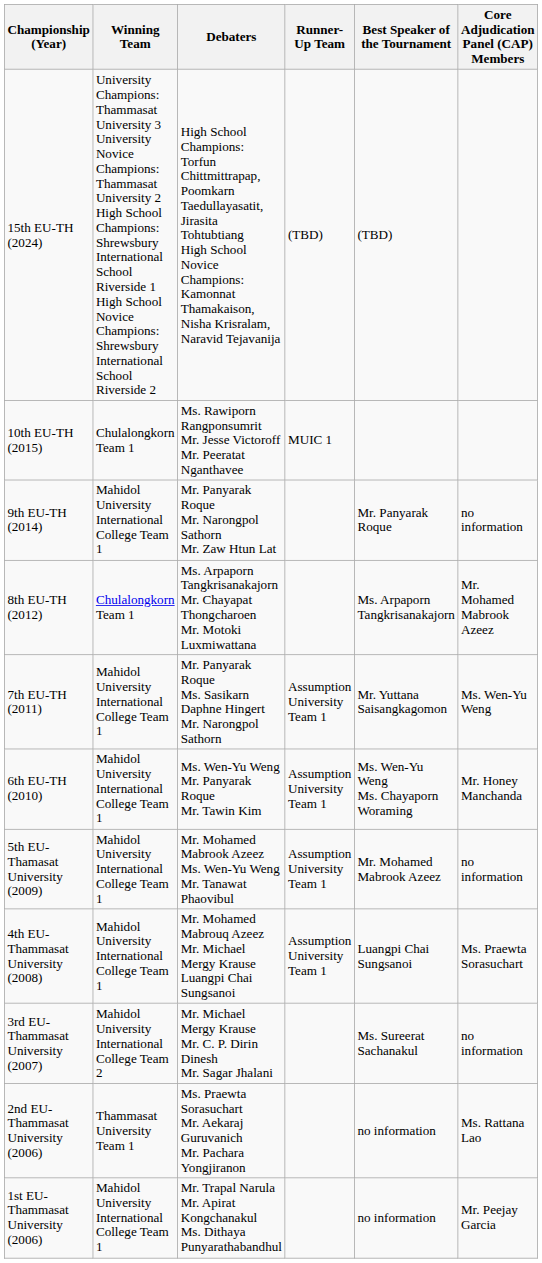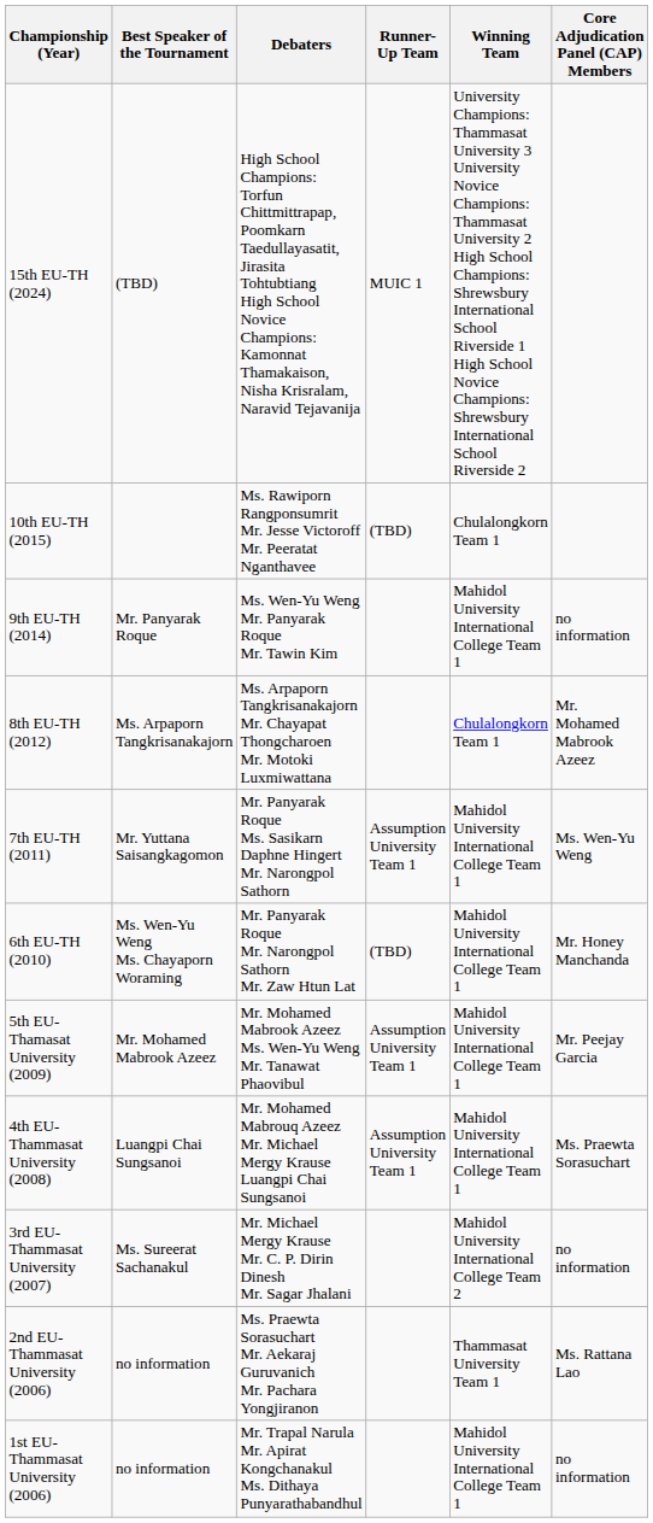 <table class="wikitable">
 <tr>
 <th>Championship (Year)</th>
-<th>Winning Team</th>
+<th>Best Speaker of the Tournament</th>
 <th>Debaters</th>
 <th>Runner-Up Team</th>
-<th>Best Speaker of the Tournament</th>
+<th>Winning Team</th>
 <th>Core Adjudication Panel (CAP) Members</th>
 </tr>
 <tr>
 <td>15th EU-TH (2024)</td>
+<td>(TBD)</td>
+<td>High School Champions: Torfun Chittmittrapap, Poomkarn Taedullayasatit, Jirasita Tohtubtiang<br>High School Novice Champions: Kamonnat Thamakaison, Nisha Krisralam, Naravid Tejavanija</td>
+<td>MUIC 1</td>
 <td>University Champions: Thammasat University 3<br>University Novice Champions: Thammasat University 2 High School Champions: Shrewsbury International School Riverside 1 High School Novice Champions: Shrewsbury International School Riverside 2</td>
-<td>High School Champions: Torfun Chittmittrapap, Poomkarn Taedullayasatit, Jirasita Tohtubtiang<br>High School Novice Champions: Kamonnat Thamakaison, Nisha Krisralam, Naravid Tejavanija</td>
-<td>(TBD)</td>
-<td>(TBD)</td>
 <td></td>
 </tr>
 <tr>
 <td>10th EU-TH (2015)</td>
+<td></td>
+<td>Ms. Rawiporn Rangponsumrit<br>Mr. Jesse Victoroff<br>Mr. Peeratat Nganthavee</td>
+<td>(TBD)</td>
 <td>Chulalongkorn Team 1</td>
-<td>Ms. Rawiporn Rangponsumrit<br>Mr. Jesse Victoroff<br>Mr. Peeratat Nganthavee</td>
-<td>MUIC 1</td>
-<td></td>
 <td></td>
 </tr>
 <tr>
 <td>9th EU-TH (2014)</td>
+<td>Mr. Panyarak Roque</td>
+<td>Ms. Wen-Yu Weng<br>Mr. Panyarak Roque<br>Mr. Tawin Kim</td>
+<td></td>
 <td>Mahidol University International College Team 1</td>
-<td>Mr. Panyarak Roque<br>Mr. Narongpol Sathorn<br>Mr. Zaw Htun Lat</td>
-<td></td>
-<td>Mr. Panyarak Roque</td>
 <td>no information</td>
 </tr>
 <tr>
 <td>8th EU-TH (2012)</td>
-<td><a href='#'>Chulalongkorn</a> Team 1</td>
+<td>Ms. Arpaporn Tangkrisanakajorn</td>
 <td>Ms. Arpaporn Tangkrisanakajorn<br>Mr. Chayapat Thongcharoen<br>Mr. Motoki Luxmiwattana</td>
 <td></td>
-<td>Ms. Arpaporn Tangkrisanakajorn</td>
+<td><a href='#'>Chulalongkorn</a> Team 1</td>
 <td>Mr. Mohamed Mabrook Azeez</td>
 </tr>
 <tr>
 <td>7th EU-TH (2011)</td>
-<td>Mahidol University International College Team 1</td>
+<td>Mr. Yuttana Saisangkagomon</td>
 <td>Mr. Panyarak Roque<br>Ms. Sasikarn Daphne Hingert<br>Mr. Narongpol Sathorn</td>
 <td>Assumption University Team 1</td>
-<td>Mr. Yuttana Saisangkagomon</td>
+<td>Mahidol University International College Team 1</td>
 <td>Ms. Wen-Yu Weng</td>
 </tr>
 <tr>
 <td>6th EU-TH (2010)</td>
+<td>Ms. Wen-Yu Weng<br>Ms. Chayaporn Woraming</td>
+<td>Mr. Panyarak Roque<br>Mr. Narongpol Sathorn<br>Mr. Zaw Htun Lat</td>
+<td>(TBD)</td>
 <td>Mahidol University International College Team 1</td>
-<td>Ms. Wen-Yu Weng<br>Mr. Panyarak Roque<br>Mr. Tawin Kim</td>
-<td>Assumption University Team 1</td>
-<td>Ms. Wen-Yu Weng<br>Ms. Chayaporn Woraming</td>
 <td>Mr. Honey Manchanda</td>
 </tr>
 <tr>
 <td>5th EU-Thamasat University (2009)</td>
-<td>Mahidol University International College Team 1</td>
+<td>Mr. Mohamed Mabrook Azeez</td>
 <td>Mr. Mohamed Mabrook Azeez<br>Ms. Wen-Yu Weng<br>Mr. Tanawat Phaovibul</td>
 <td>Assumption University Team 1</td>
-<td>Mr. Mohamed Mabrook Azeez</td>
-<td>no information</td>
+<td>Mahidol University International College Team 1</td>
+<td>Mr. Peejay Garcia</td>
 </tr>
 <tr>
 <td>4th EU-Thammasat University (2008)</td>
-<td>Mahidol University International College Team 1</td>
+<td>Luangpi Chai Sungsanoi</td>
 <td>Mr. Mohamed Mabrouq Azeez<br>Mr. Michael Mergy Krause<br>Luangpi Chai Sungsanoi</td>
 <td>Assumption University Team 1</td>
-<td>Luangpi Chai Sungsanoi</td>
+<td>Mahidol University International College Team 1</td>
 <td>Ms. Praewta Sorasuchart</td>
 </tr>
 <tr>
 <td>3rd EU-Thammasat University (2007)</td>
-<td>Mahidol University International College Team 2</td>
+<td>Ms. Sureerat Sachanakul</td>
 <td>Mr. Michael Mergy Krause<br>Mr. C. P. Dirin Dinesh<br>Mr. Sagar Jhalani</td>
 <td></td>
-<td>Ms. Sureerat Sachanakul</td>
+<td>Mahidol University International College Team 2</td>
 <td>no information</td>
 </tr>
 <tr>
 <td>2nd EU-Thammasat University (2006)</td>
-<td>Thammasat University Team 1</td>
+<td>no information</td>
 <td>Ms. Praewta Sorasuchart<br>Mr. Aekaraj Guruvanich<br>Mr. Pachara Yongjiranon</td>
 <td></td>
-<td>no information</td>
+<td>Thammasat University Team 1</td>
 <td>Ms. Rattana Lao</td>
 </tr>
 <tr>
 <td>1st EU-Thammasat University (2006)</td>
-<td>Mahidol University International College Team 1</td>
+<td>no information</td>
 <td>Mr. Trapal Narula<br>Mr. Apirat Kongchanakul<br>Ms. Dithaya Punyarathabandhul</td>
 <td></td>
+<td>Mahidol University International College Team 1</td>
 <td>no information</td>
-<td>Mr. Peejay Garcia</td>
 </tr>
 </table>
